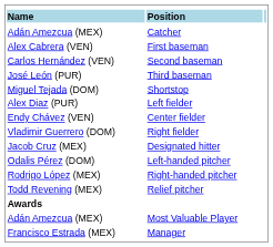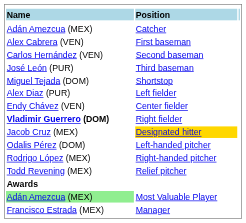 <table cellpadding="1" width="350px" style="font-size: 80%; border: 1px solid gray;">
 <tr align="center" style="font-size: larger;">
 <td colspan=6></td>
 </tr>
 <tr style="background:lightblue;">
 <td><strong>Name</strong></td>
 <td><strong>Position</strong></td>
 <td></td>
 </tr>
 <tr align="center" style="vertical-align: middle;" style="background:lightblue;">
 </tr>
 <tr>
 <td><a href='#'>Adán Amezcua</a> (MEX)</td>
 <td><a href='#'>Catcher</a></td>
 </tr>
 <tr>
 <td><a href='#'>Alex Cabrera</a> (VEN)</td>
 <td><a href='#'>First baseman</a></td>
 </tr>
 <tr>
 <td><a href='#'>Carlos Hernández</a> (VEN)</td>
 <td><a href='#'>Second baseman</a></td>
 </tr>
 <tr>
 <td><a href='#'>José León</a> (PUR)</td>
 <td><a href='#'>Third baseman</a></td>
 </tr>
 <tr>
 <td><a href='#'>Miguel Tejada</a> (DOM)</td>
 <td><a href='#'>Shortstop</a></td>
 </tr>
 <tr>
 <td><a href='#'>Alex Diaz</a> (PUR)</td>
 <td><a href='#'>Left fielder</a></td>
 </tr>
 <tr>
 <td><a href='#'>Endy Chávez</a> (VEN)</td>
 <td><a href='#'>Center fielder</a></td>
 </tr>
 <tr>
-<td><a href='#'>Vladimir Guerrero</a> (DOM)</td>
+<td><strong><a href='#'>Vladimir Guerrero</a> (DOM)</strong></td>
 <td><a href='#'>Right fielder</a></td>
 </tr>
 <tr>
 <td><a href='#'>Jacob Cruz</a> (MEX)</td>
-<td><a href='#'>Designated hitter</a></td>
+<td style="background: gold;"><a href='#'>Designated hitter</a></td>
 </tr>
 <tr>
 <td><a href='#'>Odalis Pérez</a> (DOM)</td>
 <td><a href='#'>Left-handed pitcher</a></td>
 </tr>
 <tr>
 <td><a href='#'>Rodrigo López</a> (MEX)</td>
 <td><a href='#'>Right-handed pitcher</a></td>
 </tr>
 <tr>
 <td><a href='#'>Todd Revening</a> (MEX)</td>
 <td><a href='#'>Relief pitcher</a></td>
 </tr>
 <tr>
 <td><strong>Awards</strong></td>
 </tr>
 <tr>
-<td><a href='#'>Adán Amezcua</a> (MEX)</td>
+<td style="background: lightgreen;"><a href='#'>Adán Amezcua</a> (MEX)</td>
 <td><a href='#'>Most Valuable Player</a></td>
 </tr>
 <tr>
 <td><a href='#'>Francisco Estrada</a> (MEX)</td>
 <td><a href='#'>Manager</a></td>
 </tr>
 <tr>
 </tr>
 </table>
